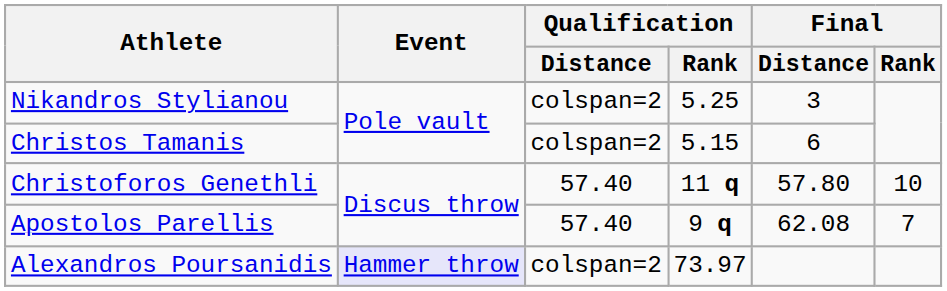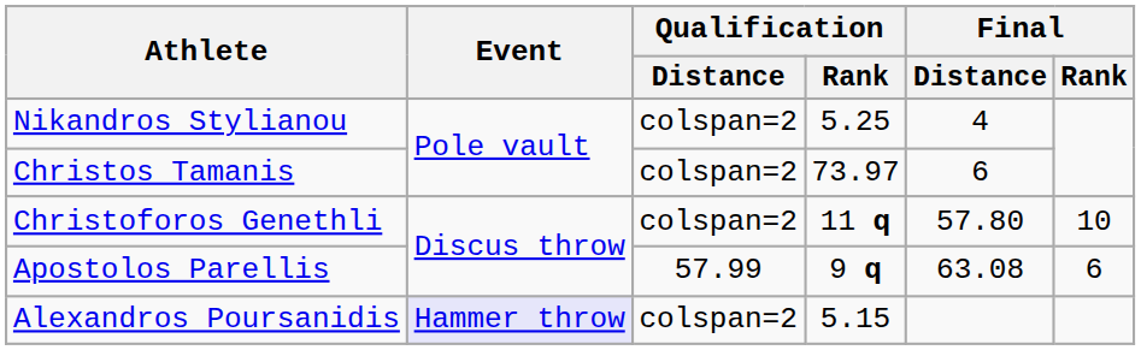 <table class="wikitable" style="font-size:90%; text-align:center">
 <tr>
 <th rowspan=2>Athlete</th>
 <th rowspan=2>Event</th>
 <th colspan=2>Qualification</th>
 <th colspan=2>Final</th>
 </tr>
 <tr style="font-size:95%">
 <th>Distance</th>
 <th>Rank</th>
 <th>Distance</th>
 <th>Rank</th>
 </tr>
 <tr>
 <td align=left><a href='#'>Nikandros Stylianou</a></td>
 <td align=left rowspan=2><a href='#'>Pole vault</a></td>
 <td>colspan=2 </td>
 <td>5.25</td>
-<td>3</td>
+<td>4</td>
 </tr>
 <tr>
 <td align=left><a href='#'>Christos Tamanis</a></td>
 <td>colspan=2 </td>
-<td>5.15</td>
+<td>73.97</td>
 <td>6</td>
 </tr>
 <tr>
 <td align=left><a href='#'>Christoforos Genethli</a></td>
 <td align=left rowspan=2><a href='#'>Discus throw</a></td>
-<td>57.40</td>
+<td>colspan=2 </td>
 <td>11 <strong>q</strong></td>
 <td>57.80</td>
 <td>10</td>
 </tr>
 <tr>
 <td align=left><a href='#'>Apostolos Parellis</a></td>
-<td>57.40</td>
+<td>57.99</td>
 <td>9 <strong>q</strong></td>
-<td>62.08</td>
-<td>7</td>
+<td>63.08</td>
+<td>6</td>
 </tr>
 <tr>
 <td align=left><a href='#'>Alexandros Poursanidis</a></td>
 <td align=left rowspan=1 style="background: lavender;"><a href='#'>Hammer throw</a></td>
 <td>colspan=2 </td>
-<td>73.97</td>
+<td>5.15</td>
 <td></td>
 </tr>
 </table>
